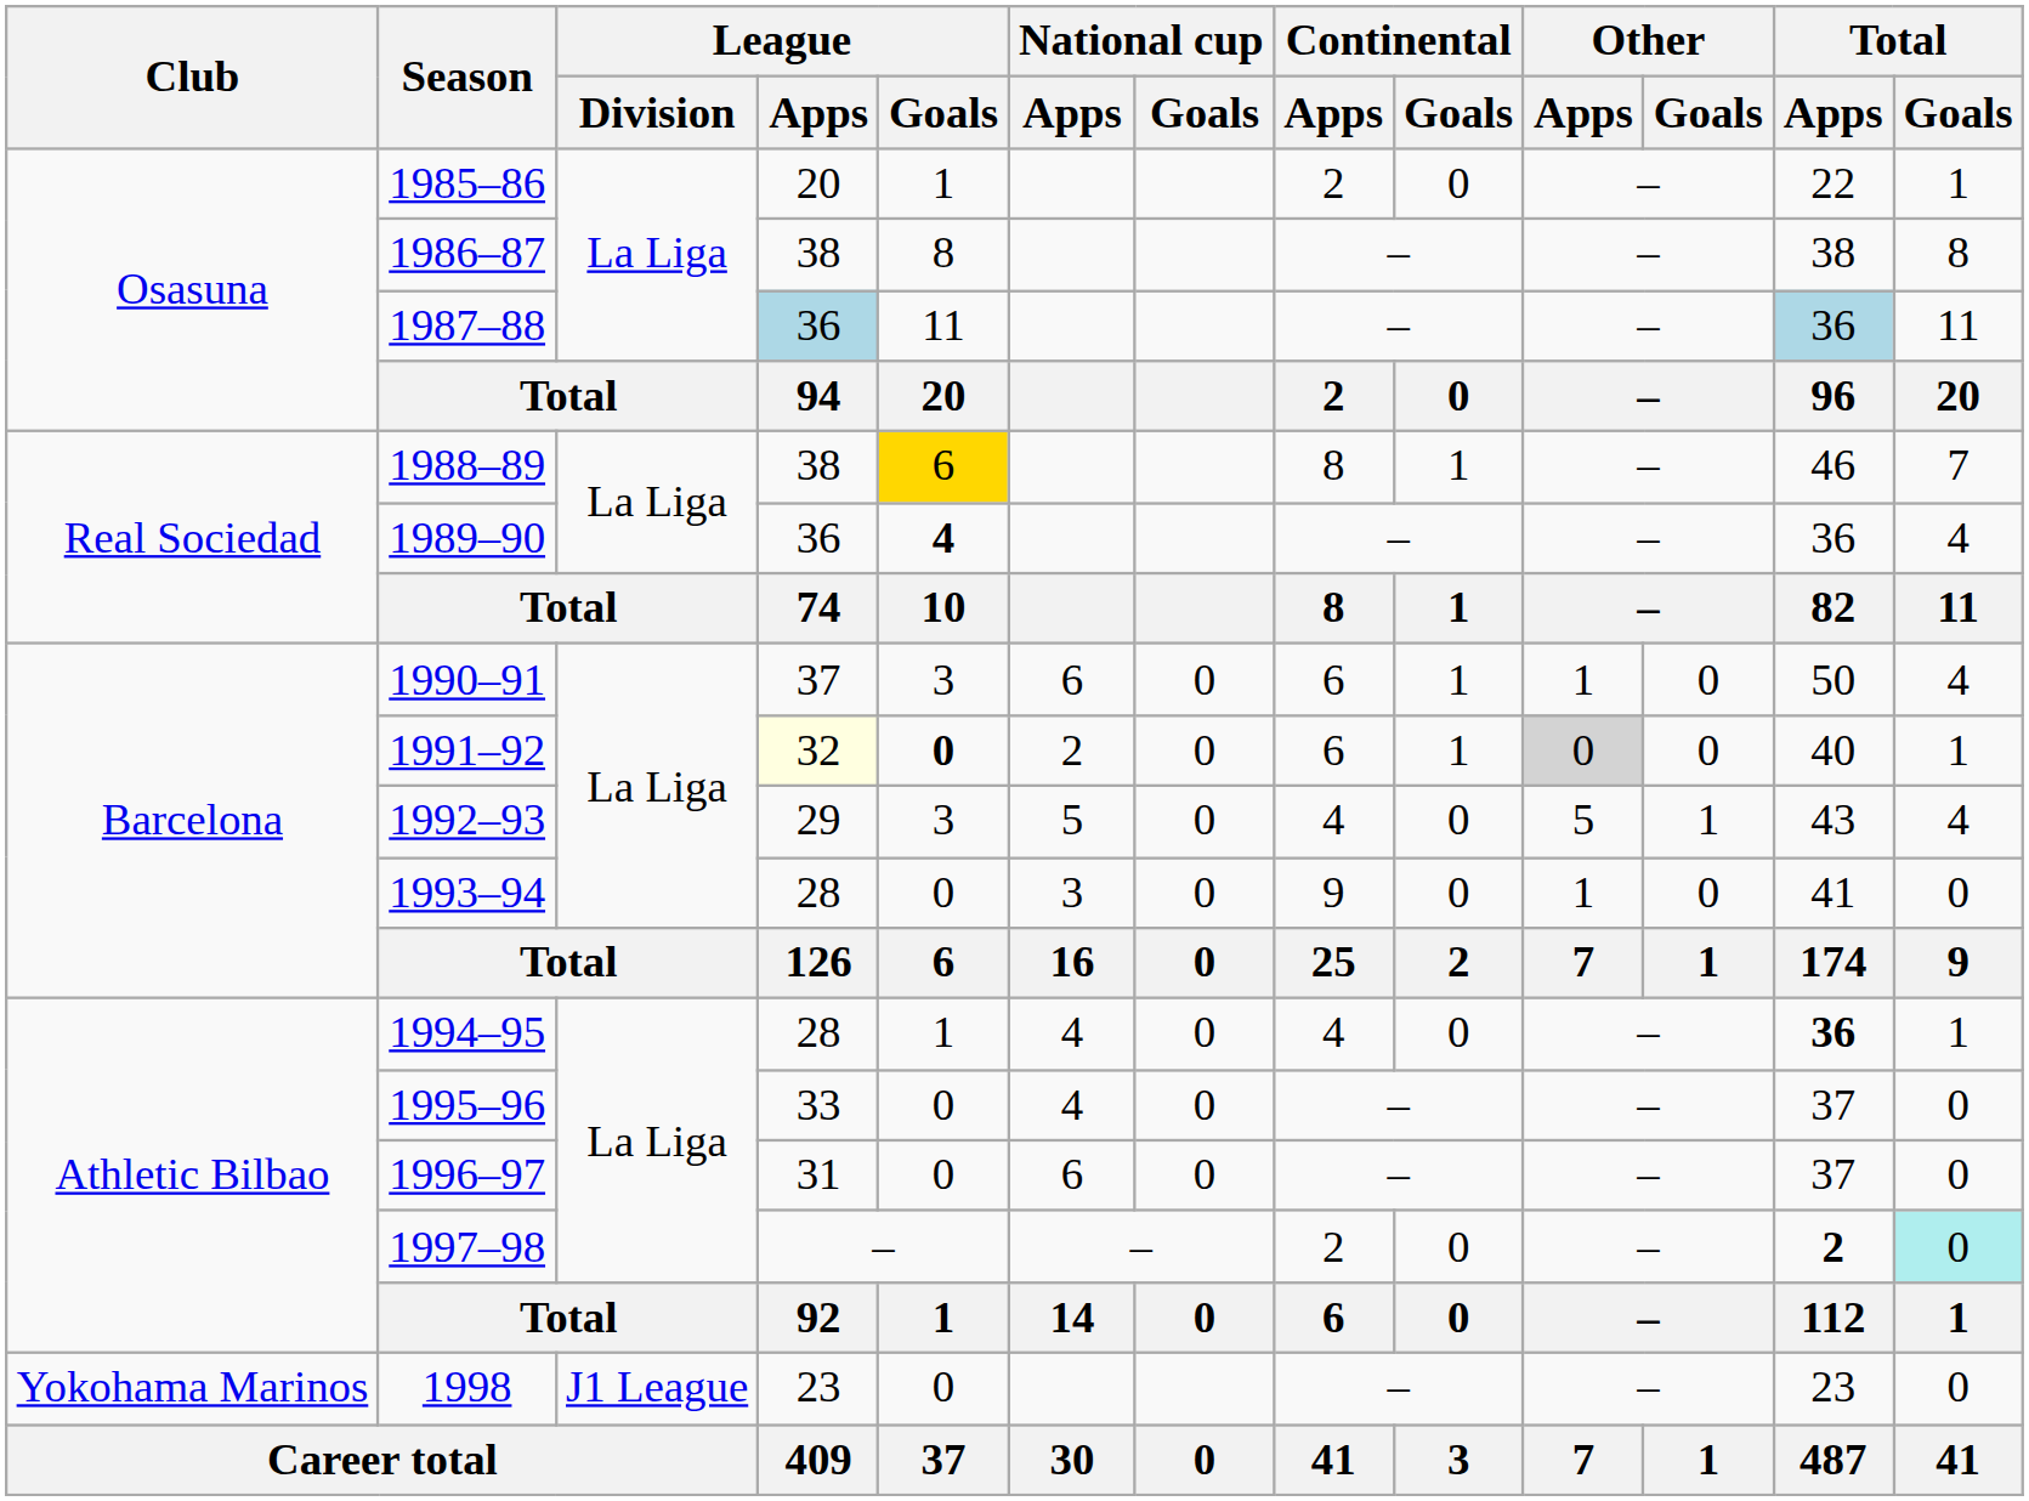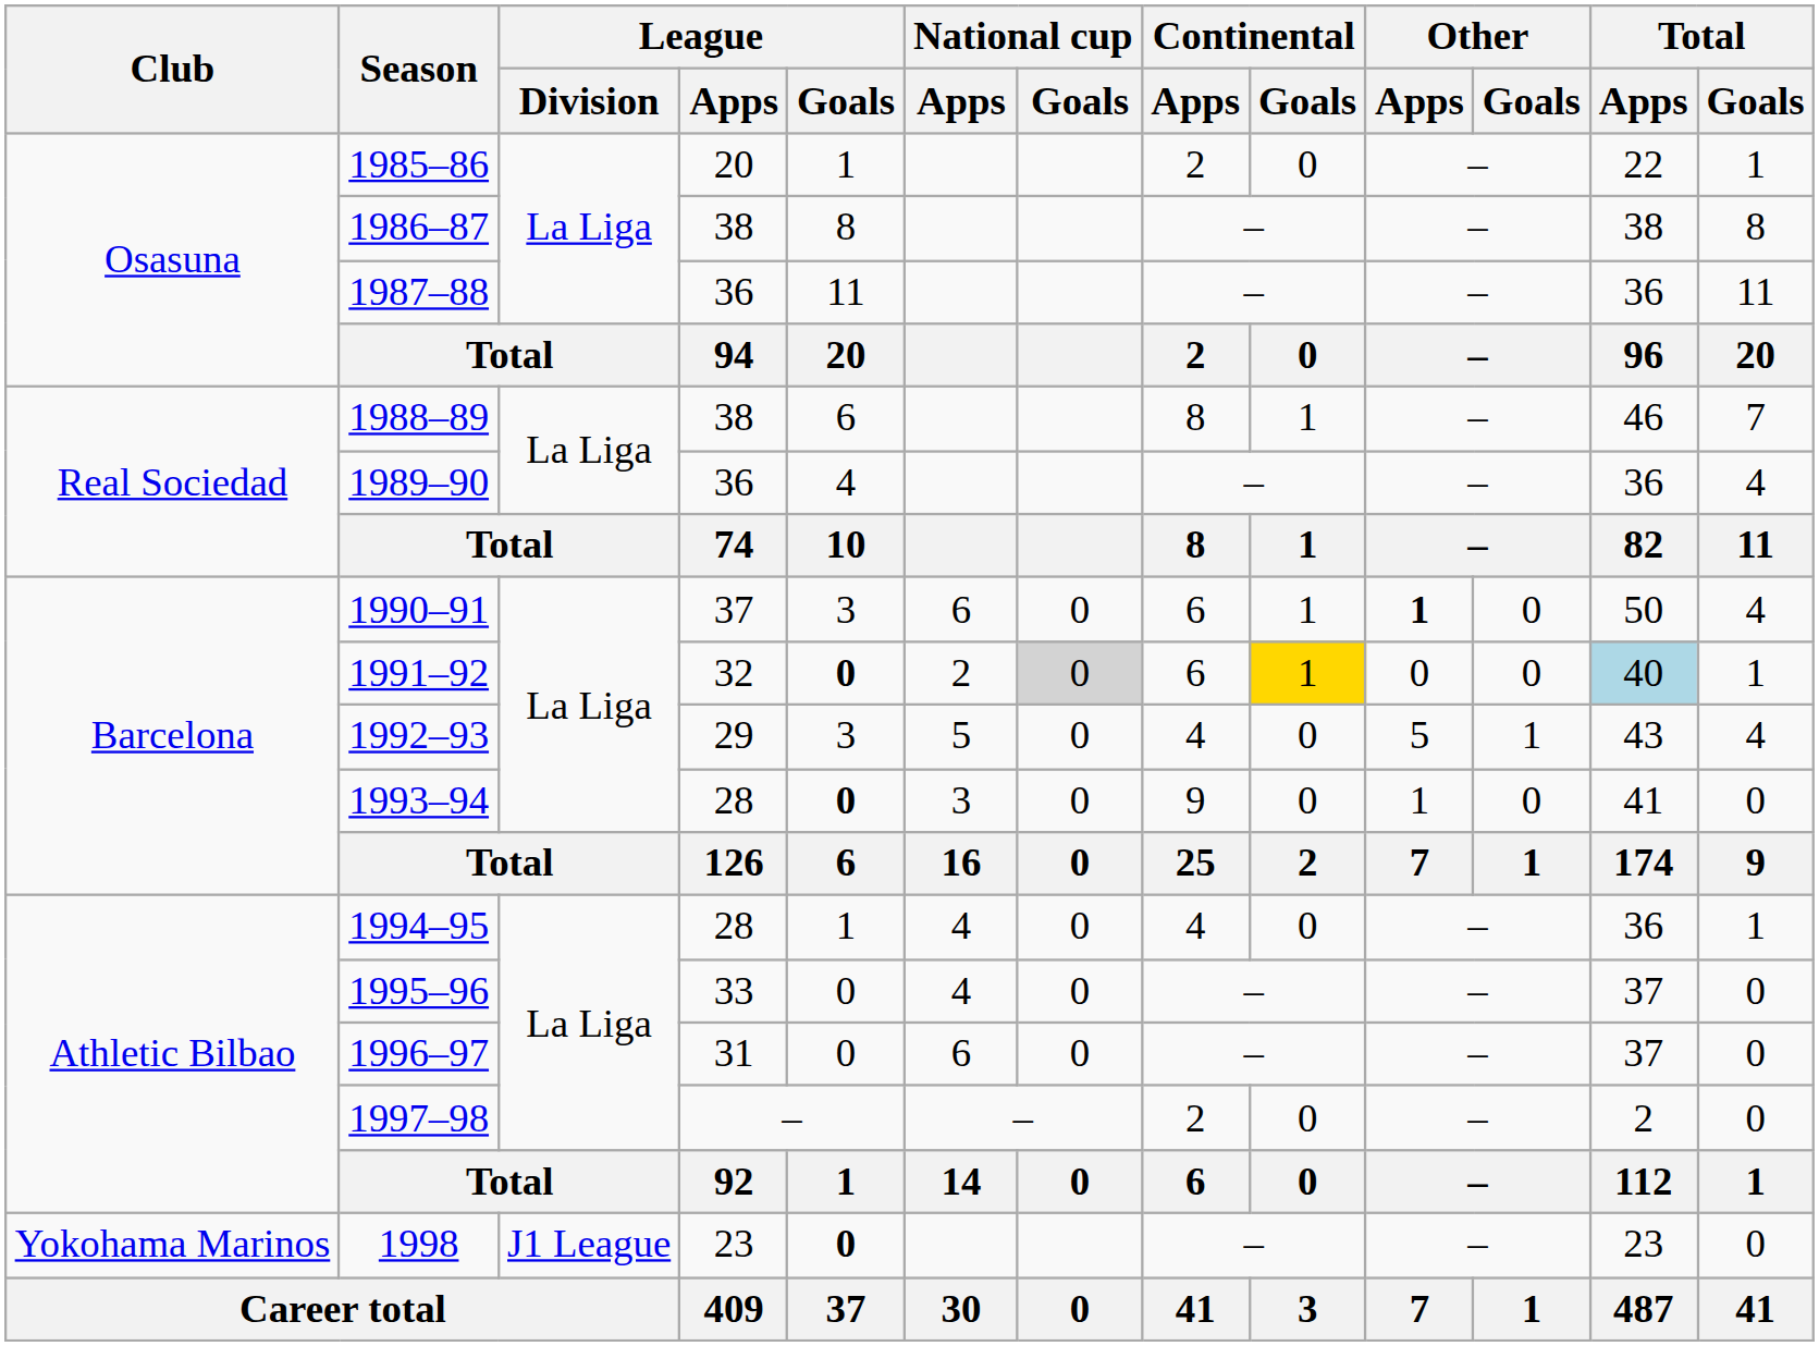 <table class="wikitable" style="text-align:center">
 <tr>
 <th rowspan="2">Club</th>
 <th rowspan="2">Season</th>
 <th colspan="3">League</th>
 <th colspan="2">National cup</th>
 <th colspan="2">Continental</th>
 <th colspan="2">Other</th>
 <th colspan="2">Total</th>
 </tr>
 <tr>
 <th>Division</th>
 <th>Apps</th>
 <th>Goals</th>
 <th>Apps</th>
 <th>Goals</th>
 <th>Apps</th>
 <th>Goals</th>
 <th>Apps</th>
 <th>Goals</th>
 <th>Apps</th>
 <th>Goals</th>
 </tr>
 <tr>
 <td rowspan="4"><a href='#'>Osasuna</a></td>
 <td><a href='#'>1985–86</a></td>
 <td rowspan="3"><a href='#'>La Liga</a></td>
 <td>20</td>
 <td>1</td>
 <td></td>
 <td></td>
 <td>2</td>
 <td>0</td>
 <td colspan="2">–</td>
 <td>22</td>
 <td>1</td>
 </tr>
 <tr>
 <td><a href='#'>1986–87</a></td>
 <td>38</td>
 <td>8</td>
 <td></td>
 <td></td>
 <td colspan="2">–</td>
 <td colspan="2">–</td>
 <td>38</td>
 <td>8</td>
 </tr>
 <tr>
 <td><a href='#'>1987–88</a></td>
-<td style="background: lightblue;">36</td>
+<td>36</td>
 <td>11</td>
 <td></td>
 <td></td>
 <td colspan="2">–</td>
 <td colspan="2">–</td>
-<td style="background: lightblue;">36</td>
+<td>36</td>
 <td>11</td>
 </tr>
 <tr>
 <th colspan="2">Total</th>
 <th>94</th>
 <th>20</th>
 <th></th>
 <th></th>
 <th>2</th>
 <th>0</th>
 <th colspan="2">–</th>
 <th>96</th>
 <th>20</th>
 </tr>
 <tr>
 <td rowspan="3"><a href='#'>Real Sociedad</a></td>
 <td><a href='#'>1988–89</a></td>
 <td rowspan="2">La Liga</td>
 <td>38</td>
-<td style="background: gold;">6</td>
+<td>6</td>
 <td></td>
 <td></td>
 <td>8</td>
 <td>1</td>
 <td colspan="2">–</td>
 <td>46</td>
 <td>7</td>
 </tr>
 <tr>
 <td><a href='#'>1989–90</a></td>
 <td>36</td>
-<td><strong>4</strong></td>
+<td>4</td>
 <td></td>
 <td></td>
 <td colspan="2">–</td>
 <td colspan="2">–</td>
 <td>36</td>
 <td>4</td>
 </tr>
 <tr>
 <th colspan="2">Total</th>
 <th>74</th>
 <th>10</th>
 <th></th>
 <th></th>
 <th>8</th>
 <th>1</th>
 <th colspan="2">–</th>
 <th>82</th>
 <th>11</th>
 </tr>
 <tr>
 <td rowspan="5"><a href='#'>Barcelona</a></td>
 <td><a href='#'>1990–91</a></td>
 <td rowspan="4">La Liga</td>
 <td>37</td>
 <td>3</td>
 <td>6</td>
 <td>0</td>
 <td>6</td>
 <td>1</td>
-<td>1</td>
+<td><strong>1</strong></td>
 <td>0</td>
 <td>50</td>
 <td>4</td>
 </tr>
 <tr>
 <td><a href='#'>1991–92</a></td>
-<td style="background: lightyellow;">32</td>
+<td>32</td>
 <td><strong>0</strong></td>
 <td>2</td>
+<td style="background: lightgrey;">0</td>
+<td>6</td>
+<td style="background: gold;">1</td>
 <td>0</td>
-<td>6</td>
-<td>1</td>
-<td style="background: lightgrey;">0</td>
 <td>0</td>
-<td>40</td>
+<td style="background: lightblue;">40</td>
 <td>1</td>
 </tr>
 <tr>
 <td><a href='#'>1992–93</a></td>
 <td>29</td>
 <td>3</td>
 <td>5</td>
 <td>0</td>
 <td>4</td>
 <td>0</td>
 <td>5</td>
 <td>1</td>
 <td>43</td>
 <td>4</td>
 </tr>
 <tr>
 <td><a href='#'>1993–94</a></td>
 <td>28</td>
-<td>0</td>
+<td><strong>0</strong></td>
 <td>3</td>
 <td>0</td>
 <td>9</td>
 <td>0</td>
 <td>1</td>
 <td>0</td>
 <td>41</td>
 <td>0</td>
 </tr>
 <tr>
 <th colspan="2">Total</th>
 <th>126</th>
 <th>6</th>
 <th>16</th>
 <th>0</th>
 <th>25</th>
 <th>2</th>
 <th>7</th>
 <th>1</th>
 <th>174</th>
 <th>9</th>
 </tr>
 <tr>
 <td rowspan="5"><a href='#'>Athletic Bilbao</a></td>
 <td><a href='#'>1994–95</a></td>
 <td rowspan="4">La Liga</td>
 <td>28</td>
 <td>1</td>
 <td>4</td>
 <td>0</td>
 <td>4</td>
 <td>0</td>
 <td colspan="2">–</td>
-<td><strong>36</strong></td>
+<td>36</td>
 <td>1</td>
 </tr>
 <tr>
 <td><a href='#'>1995–96</a></td>
 <td>33</td>
 <td>0</td>
 <td>4</td>
 <td>0</td>
 <td colspan="2">–</td>
 <td colspan="2">–</td>
 <td>37</td>
 <td>0</td>
 </tr>
 <tr>
 <td><a href='#'>1996–97</a></td>
 <td>31</td>
 <td>0</td>
 <td>6</td>
 <td>0</td>
 <td colspan="2">–</td>
 <td colspan="2">–</td>
 <td>37</td>
 <td>0</td>
 </tr>
 <tr>
 <td><a href='#'>1997–98</a></td>
 <td colspan="2">–</td>
 <td colspan="2">–</td>
 <td>2</td>
 <td>0</td>
 <td colspan="2">–</td>
-<td><strong>2</strong></td>
-<td style="background: paleturquoise;">0</td>
+<td>2</td>
+<td>0</td>
 </tr>
 <tr>
 <th colspan="2">Total</th>
 <th>92</th>
 <th>1</th>
 <th>14</th>
 <th>0</th>
 <th>6</th>
 <th>0</th>
 <th colspan="2">–</th>
 <th>112</th>
 <th>1</th>
 </tr>
 <tr>
 <td><a href='#'>Yokohama Marinos</a></td>
 <td><a href='#'>1998</a></td>
 <td><a href='#'>J1 League</a></td>
 <td>23</td>
-<td>0</td>
+<td><strong>0</strong></td>
 <td></td>
 <td></td>
 <td colspan="2">–</td>
 <td colspan="2">–</td>
 <td>23</td>
 <td>0</td>
 </tr>
 <tr>
 <th colspan="3">Career total</th>
 <th>409</th>
 <th>37</th>
 <th>30</th>
 <th>0</th>
 <th>41</th>
 <th>3</th>
 <th>7</th>
 <th>1</th>
 <th>487</th>
 <th>41</th>
 </tr>
 </table>
